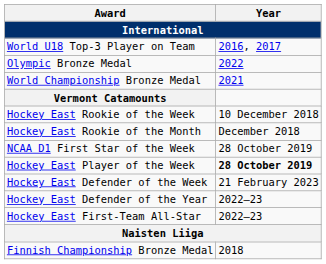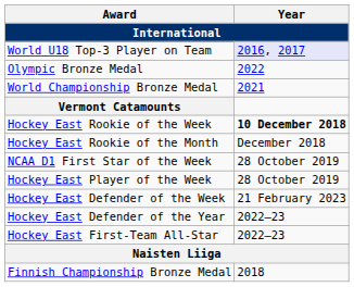 <table class="wikitable">
 <tr>
 <th scope="col">Award</th>
 <th scope="col">Year</th>
 </tr>
 <tr>
 <th colspan="2" style="text-align:center; color:white; background:#002f6c">International</th>
 </tr>
 <tr>
 <td><a href='#'>World U18</a> Top-3 Player on Team</td>
-<td><a href='#'>2016</a>, <a href='#'>2017</a></td>
+<td style="background: lavender;"><a href='#'>2016</a>, <a href='#'>2017</a></td>
 </tr>
 <tr>
 <td><a href='#'>Olympic</a> Bronze Medal</td>
 <td><a href='#'>2022</a></td>
 </tr>
 <tr>
 <td><a href='#'>World Championship</a> Bronze Medal</td>
 <td><a href='#'>2021</a></td>
 </tr>
 <tr>
 <th>Vermont Catamounts</th>
 </tr>
 <tr>
 <td><a href='#'>Hockey East</a> Rookie of the Week</td>
-<td>10 December 2018</td>
+<td><strong>10 December 2018</strong></td>
 </tr>
 <tr>
 <td><a href='#'>Hockey East</a> Rookie of the Month</td>
 <td>December 2018</td>
 </tr>
 <tr>
 <td><a href='#'>NCAA D1</a> First Star of the Week</td>
 <td>28 October 2019</td>
 </tr>
 <tr>
 <td><a href='#'>Hockey East</a> Player of the Week</td>
-<td><strong>28 October 2019</strong></td>
+<td>28 October 2019</td>
 </tr>
 <tr>
 <td><a href='#'>Hockey East</a> Defender of the Week</td>
 <td>21 February 2023</td>
 </tr>
 <tr>
 <td><a href='#'>Hockey East</a> Defender of the Year</td>
 <td>2022–23</td>
 </tr>
 <tr>
 <td><a href='#'>Hockey East</a> First-Team All-Star</td>
 <td>2022–23</td>
 </tr>
 <tr>
 <th colspan="2">Naisten Liiga</th>
 </tr>
 <tr>
 <td><a href='#'>Finnish Championship</a> Bronze Medal</td>
 <td>2018</td>
 </tr>
 </table>
